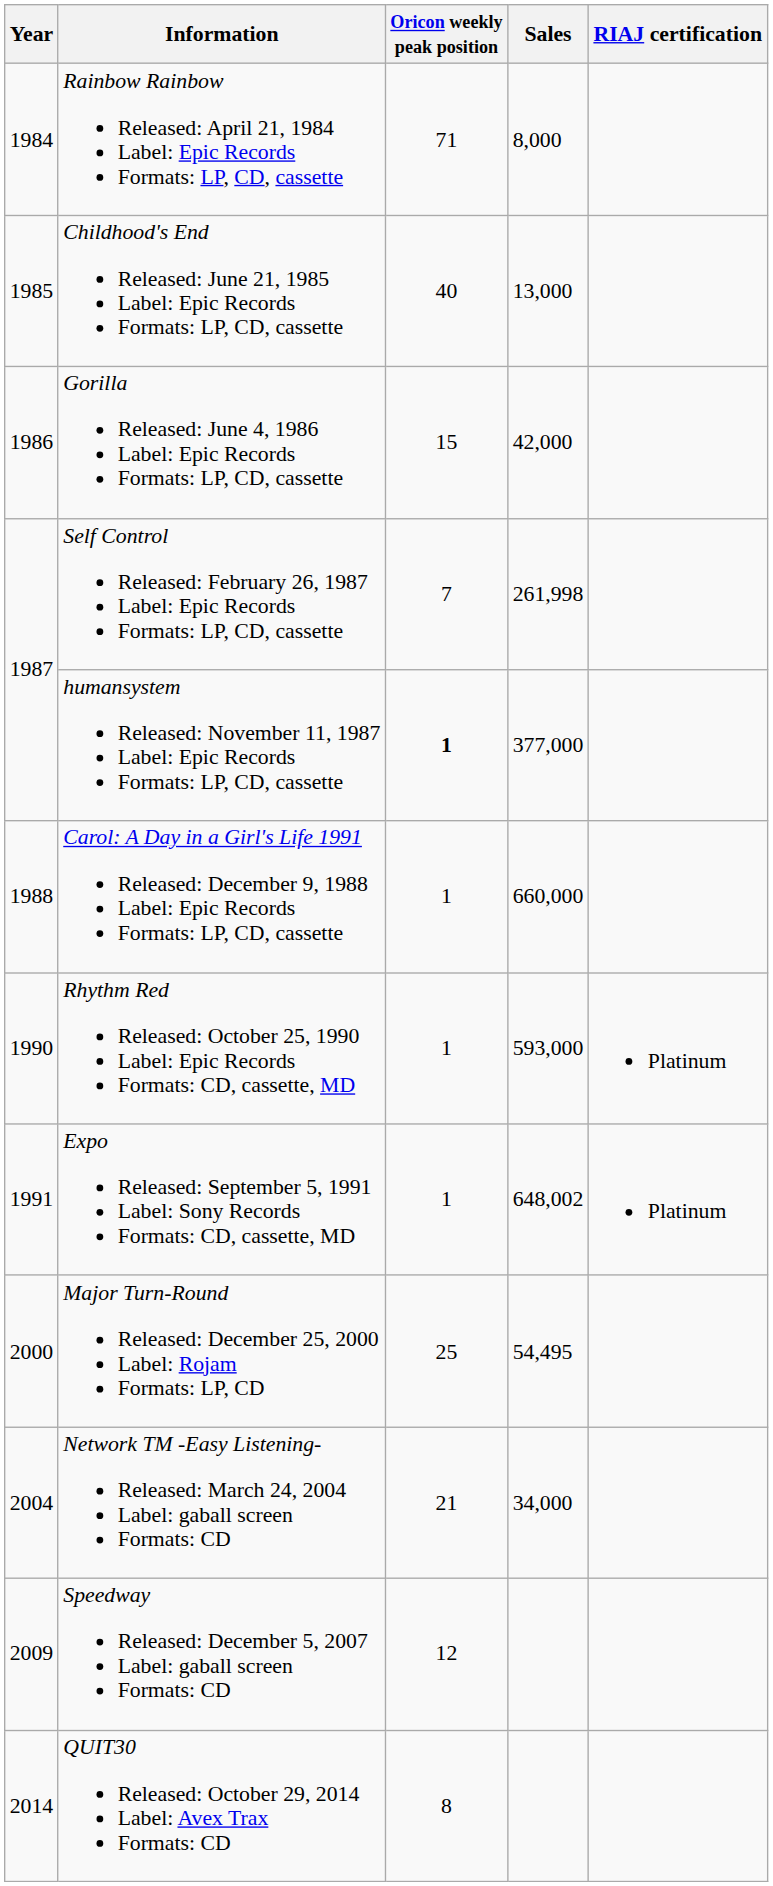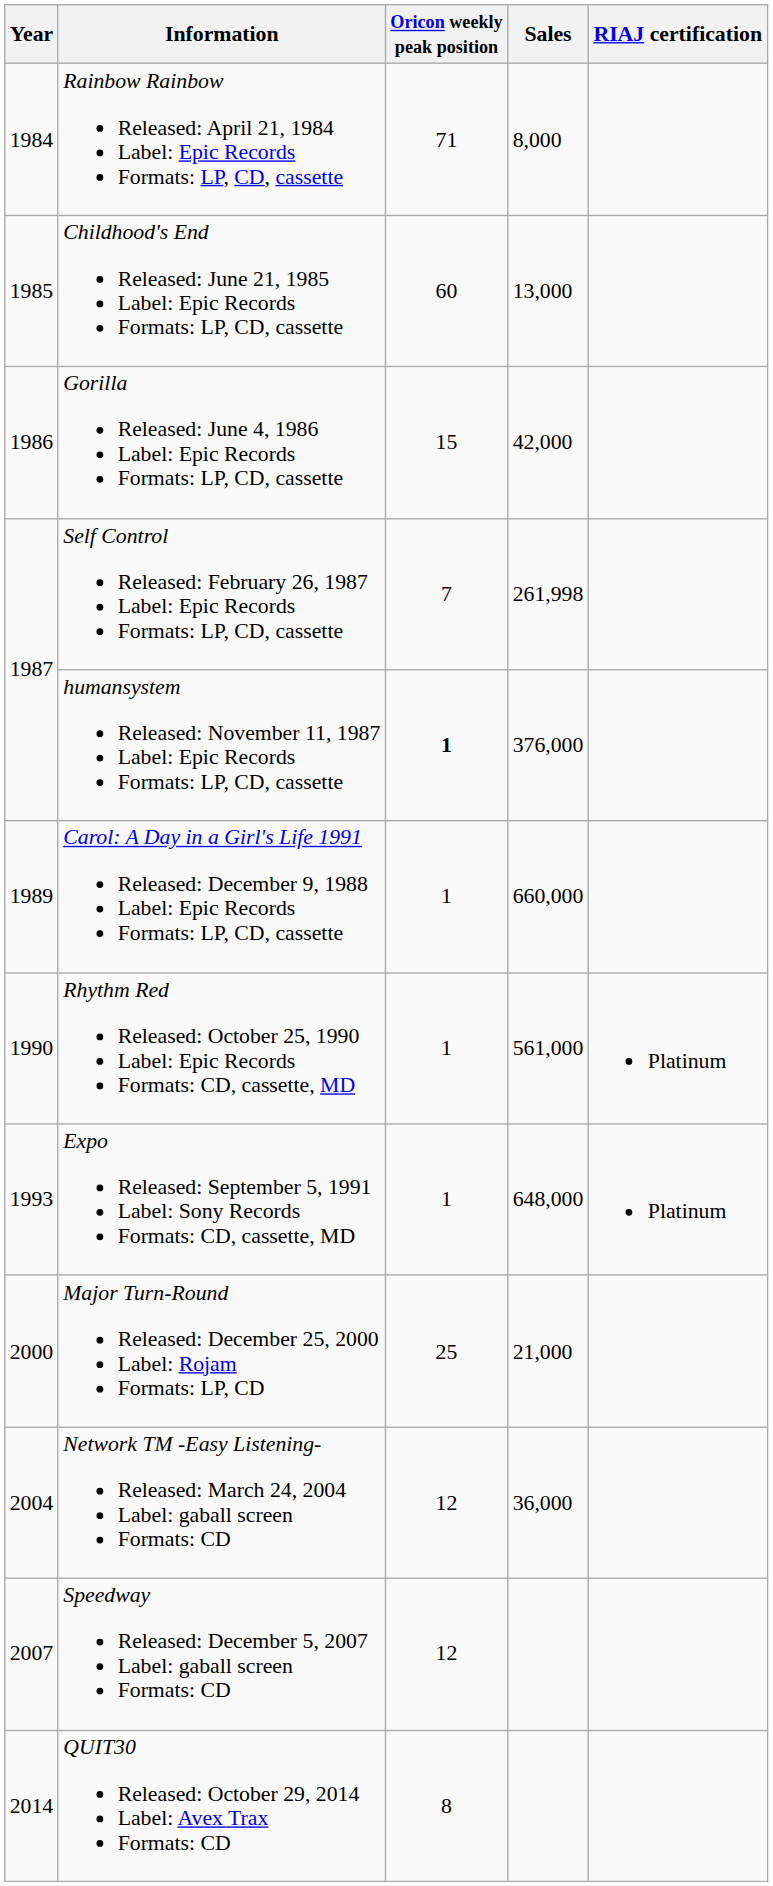 <table class="wikitable">
 <tr>
 <th>Year</th>
 <th>Information</th>
 <th><small><a href='#'>Oricon</a> weekly<br>peak position</small></th>
 <th>Sales<br></th>
 <th><a href='#'>RIAJ</a> certification</th>
 </tr>
 <tr>
 <td>1984</td>
 <td><em>Rainbow Rainbow</em><br><ul><li>Released: April 21, 1984</li><li>Label: <a href='#'>Epic Records</a></li><li>Formats: <a href='#'>LP</a>, <a href='#'>CD</a>, <a href='#'>cassette</a></li></ul></td>
 <td style="text-align:center;">71</td>
 <td align="left">8,000</td>
 <td align="left"></td>
 </tr>
 <tr>
 <td>1985</td>
 <td><em>Childhood's End</em><br><ul><li>Released: June 21, 1985</li><li>Label: Epic Records</li><li>Formats: LP, CD, cassette</li></ul></td>
-<td style="text-align:center;">40</td>
+<td style="text-align:center;">60</td>
 <td align="left">13,000</td>
 <td align="left"></td>
 </tr>
 <tr>
 <td>1986</td>
 <td><em>Gorilla</em><br><ul><li>Released: June 4, 1986</li><li>Label: Epic Records</li><li>Formats: LP, CD, cassette</li></ul></td>
 <td style="text-align:center;">15</td>
 <td align="left">42,000</td>
 <td align="left"></td>
 </tr>
 <tr>
 <td rowspan="2">1987</td>
 <td><em>Self Control</em><br><ul><li>Released: February 26, 1987</li><li>Label: Epic Records</li><li>Formats: LP, CD, cassette</li></ul></td>
 <td style="text-align:center;">7</td>
 <td align="left">261,998</td>
 <td align="left"></td>
 </tr>
 <tr>
 <td><em>humansystem</em><br><ul><li>Released: November 11, 1987</li><li>Label: Epic Records</li><li>Formats: LP, CD, cassette</li></ul></td>
 <td style="text-align:center;"><strong>1</strong></td>
-<td align="left">377,000</td>
+<td align="left">376,000</td>
 <td align="left"></td>
 </tr>
 <tr>
-<td>1988</td>
+<td>1989</td>
 <td><em><a href='#'>Carol: A Day in a Girl's Life 1991</a></em><br><ul><li>Released: December 9, 1988</li><li>Label: Epic Records</li><li>Formats: LP, CD, cassette</li></ul></td>
 <td style="text-align:center;">1</td>
 <td align="left">660,000</td>
 <td align="left"></td>
 </tr>
 <tr>
 <td>1990</td>
 <td><em>Rhythm Red</em><br><ul><li>Released: October 25, 1990</li><li>Label: Epic Records</li><li>Formats: CD, cassette, <a href='#'>MD</a></li></ul></td>
 <td style="text-align:center;">1</td>
-<td align="left">593,000</td>
+<td align="left">561,000</td>
 <td align="left"><br><ul><li>Platinum</li></ul></td>
 </tr>
 <tr>
-<td>1991</td>
+<td>1993</td>
 <td><em>Expo</em><br><ul><li>Released: September 5, 1991</li><li>Label: Sony Records</li><li>Formats: CD, cassette, MD</li></ul></td>
 <td style="text-align:center;">1</td>
-<td align="left">648,002</td>
+<td align="left">648,000</td>
 <td align="left"><br><ul><li>Platinum</li></ul></td>
 </tr>
 <tr>
 <td>2000</td>
 <td><em>Major Turn-Round</em><br><ul><li>Released: December 25, 2000</li><li>Label: <a href='#'>Rojam</a></li><li>Formats: LP, CD</li></ul></td>
 <td style="text-align:center;">25</td>
-<td align="left">54,495</td>
+<td align="left">21,000</td>
 <td align="left"></td>
 </tr>
 <tr>
 <td>2004</td>
 <td><em>Network TM -Easy Listening-</em><br><ul><li>Released: March 24, 2004</li><li>Label: gaball screen</li><li>Formats: CD</li></ul></td>
-<td style="text-align:center;">21</td>
-<td align="left">34,000</td>
+<td style="text-align:center;">12</td>
+<td align="left">36,000</td>
 <td align="left"></td>
 </tr>
 <tr>
-<td>2009</td>
+<td>2007</td>
 <td><em>Speedway</em><br><ul><li>Released: December 5, 2007</li><li>Label: gaball screen</li><li>Formats: CD</li></ul></td>
 <td style="text-align:center;">12</td>
 <td align="left"></td>
 <td align="left"></td>
 </tr>
 <tr>
 <td>2014</td>
 <td><em>QUIT30</em><br><ul><li>Released: October 29, 2014</li><li>Label: <a href='#'>Avex Trax</a></li><li>Formats: CD</li></ul></td>
 <td style="text-align:center;">8</td>
 <td align="left"></td>
 <td align="left"></td>
 </tr>
 </table>
